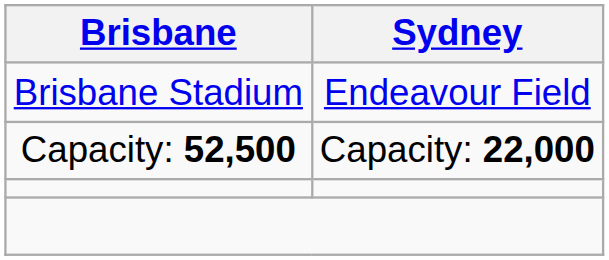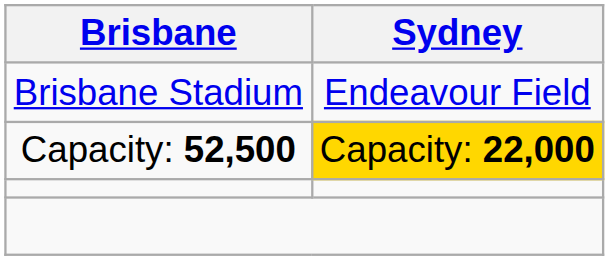 <table class="wikitable" style="text-align:center;margin:1em auto;">
 <tr>
 <th><a href='#'>Brisbane</a></th>
 <th><a href='#'>Sydney</a></th>
 </tr>
 <tr>
 <td><a href='#'>Brisbane Stadium</a></td>
 <td><a href='#'>Endeavour Field</a></td>
 </tr>
 <tr>
 <td>Capacity: <strong>52,500</strong></td>
-<td>Capacity: <strong>22,000</strong></td>
+<td style="background: gold;">Capacity: <strong>22,000</strong></td>
 </tr>
 <tr>
 <td></td>
 <td></td>
 </tr>
 <tr>
 <td colspan="2" rowspan="5"><br></td>
 </tr>
 </table>
